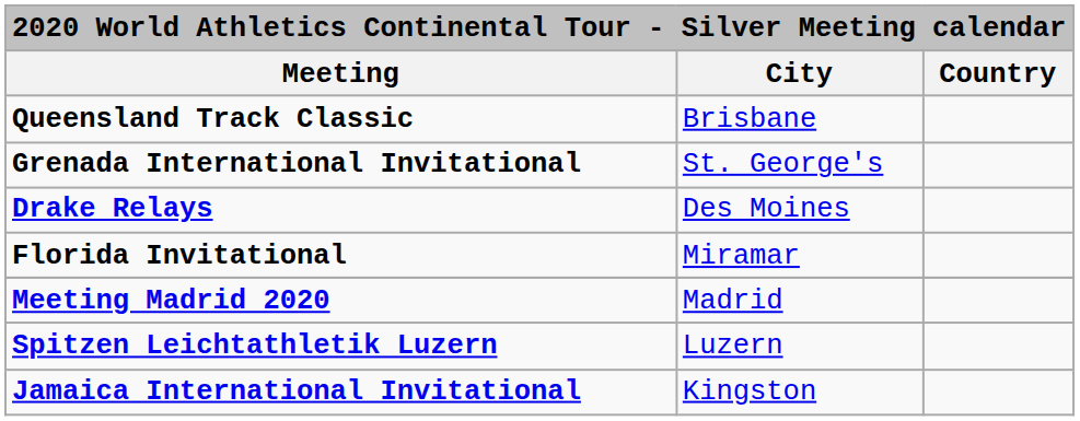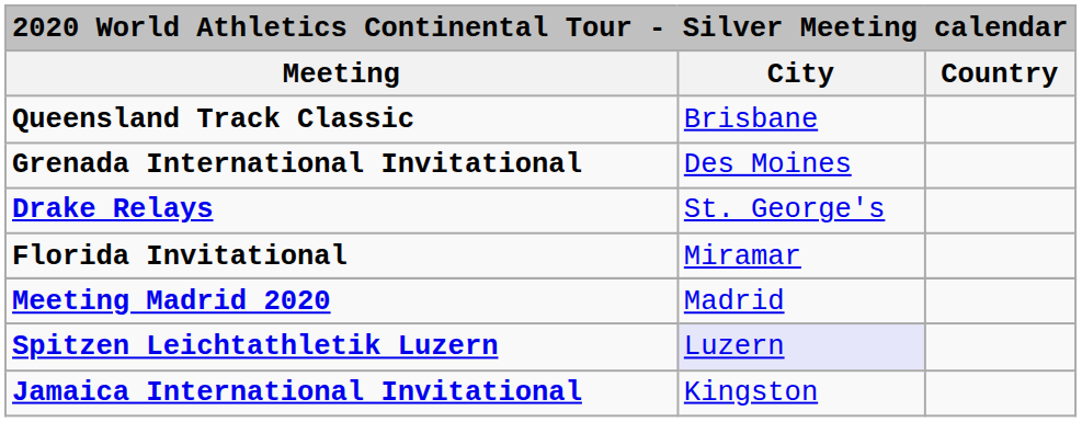 <table class="wikitable sortable">
 <tr>
 <td align=center colspan=4 bgcolor="silver"><strong>2020 World Athletics Continental Tour - Silver Meeting calendar</strong></td>
 </tr>
 <tr>
 <th>Meeting</th>
 <th>City</th>
 <th>Country</th>
 </tr>
 <tr>
 <td><strong>Queensland Track Classic</strong></td>
 <td><a href='#'>Brisbane</a></td>
 <td></td>
 </tr>
 <tr>
 <td><strong>Grenada International Invitational</strong></td>
-<td><a href='#'>St. George's</a></td>
+<td><a href='#'>Des Moines</a></td>
 <td></td>
 </tr>
 <tr>
 <td><strong><a href='#'>Drake Relays</a></strong></td>
-<td><a href='#'>Des Moines</a></td>
+<td><a href='#'>St. George's</a></td>
 <td></td>
 </tr>
 <tr>
 <td><strong>Florida Invitational</strong></td>
 <td><a href='#'>Miramar</a></td>
 <td></td>
 </tr>
 <tr>
 </tr>
 <tr>
 <td><strong><a href='#'>Meeting Madrid 2020</a></strong></td>
 <td><a href='#'>Madrid</a></td>
 <td></td>
 </tr>
 <tr>
 <td><strong><a href='#'>Spitzen Leichtathletik Luzern</a></strong></td>
-<td><a href='#'>Luzern</a></td>
+<td style="background: lavender;"><a href='#'>Luzern</a></td>
 <td></td>
 </tr>
 <tr>
 <td><strong><a href='#'>Jamaica International Invitational</a></strong></td>
 <td><a href='#'>Kingston</a></td>
 <td></td>
 </tr>
 </table>
